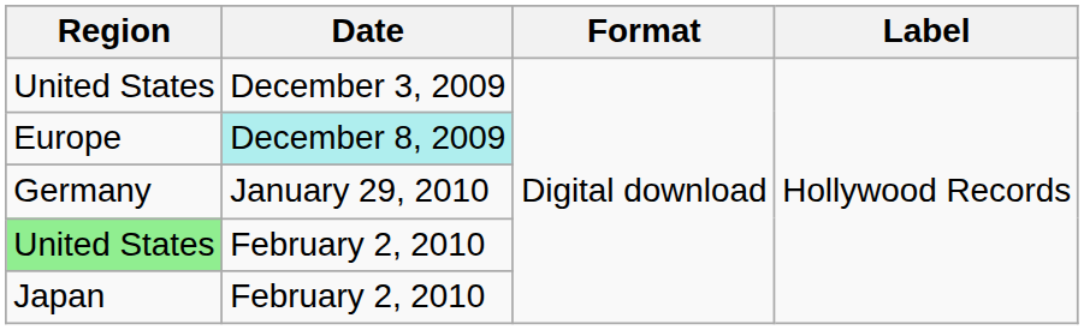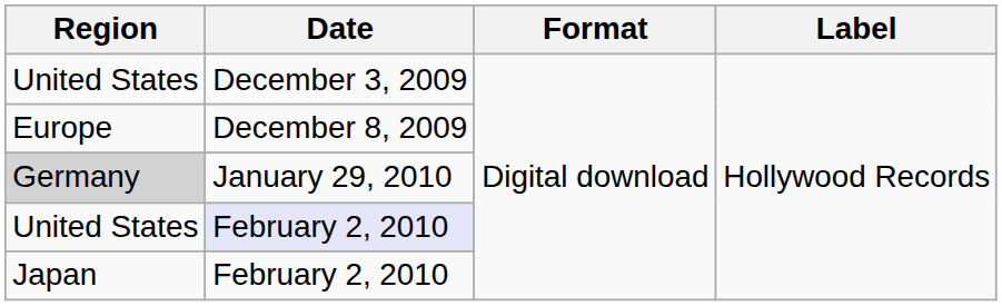 <table class=wikitable>
 <tr>
 <th>Region</th>
 <th>Date</th>
 <th>Format</th>
 <th>Label</th>
 </tr>
 <tr>
 <td>United States</td>
 <td>December 3, 2009</td>
 <td rowspan="5">Digital download</td>
 <td rowspan="5">Hollywood Records</td>
 </tr>
 <tr>
 <td>Europe</td>
-<td style="background: paleturquoise;">December 8, 2009</td>
+<td>December 8, 2009</td>
 </tr>
 <tr>
-<td>Germany</td>
+<td style="background: lightgrey;">Germany</td>
 <td>January 29, 2010 </td>
 </tr>
 <tr>
-<td style="background: lightgreen;">United States</td>
-<td>February 2, 2010 </td>
+<td>United States</td>
+<td style="background: lavender;">February 2, 2010 </td>
 </tr>
 <tr>
 <td>Japan</td>
 <td>February 2, 2010 </td>
 </tr>
 </table>
